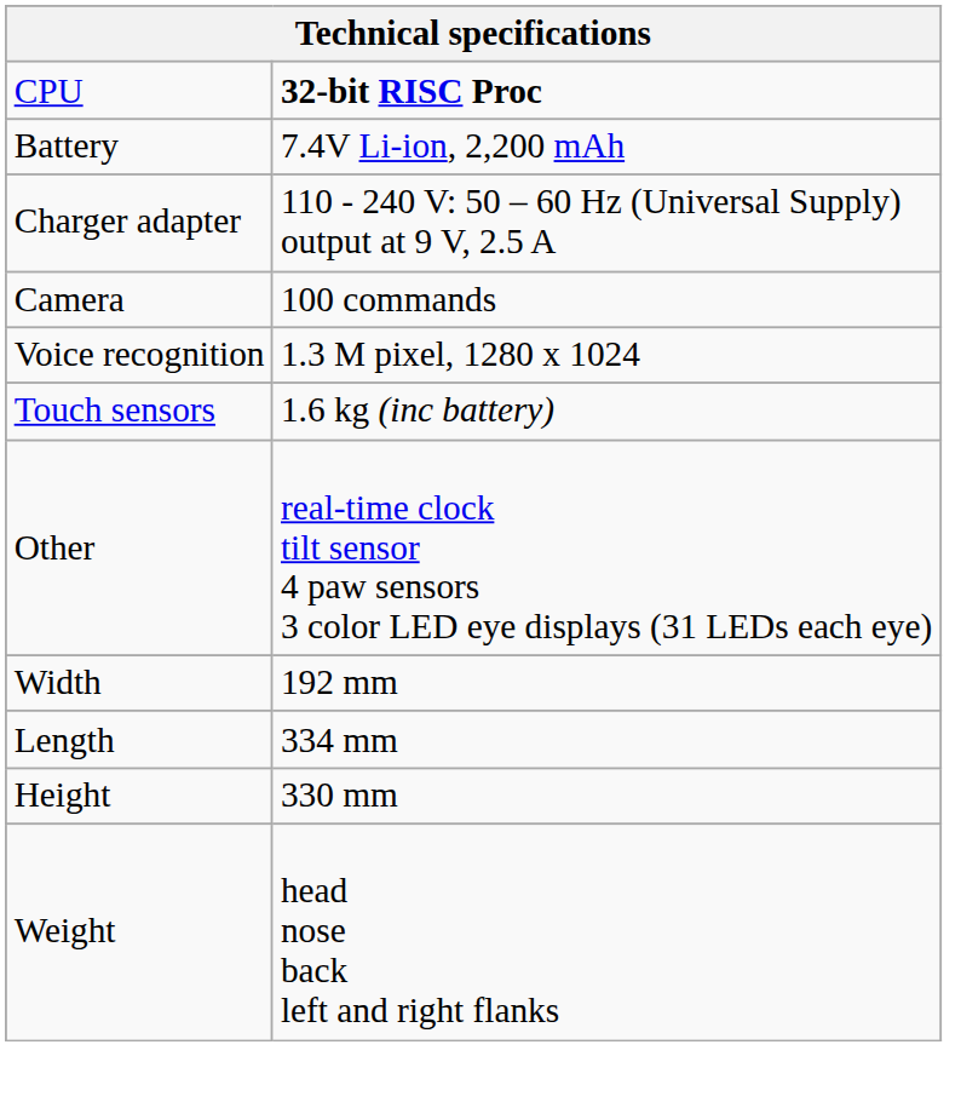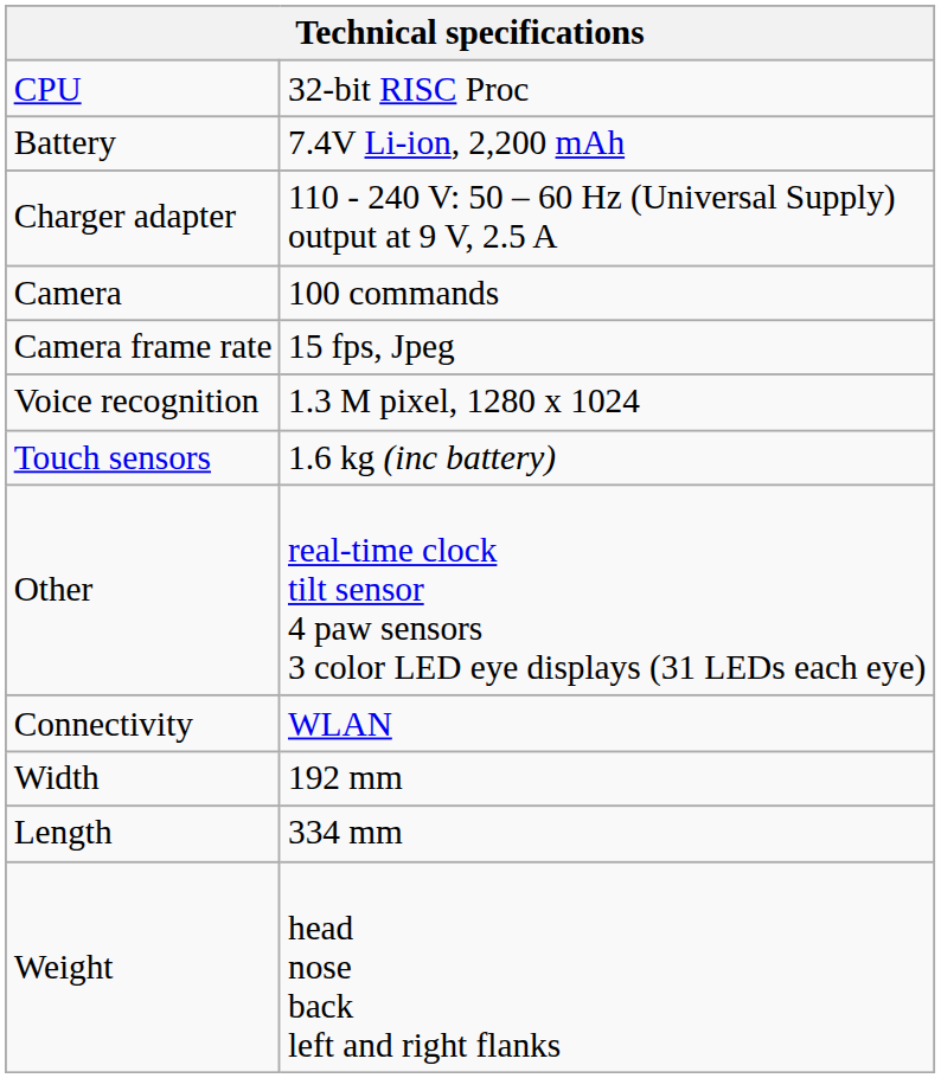 <table class="wikitable">
 <tr>
 <th colspan=2>Technical specifications</th>
 </tr>
 <tr>
 <td><a href='#'>CPU</a></td>
-<td><strong>32-bit <a href='#'>RISC</a> Proc</strong></td>
+<td>32-bit <a href='#'>RISC</a> Proc</td>
 </tr>
 <tr>
 <td>Battery</td>
 <td>7.4V <a href='#'>Li-ion</a>, 2,200 <a href='#'>mAh</a></td>
 </tr>
 <tr>
 <td>Charger adapter</td>
 <td>110 - 240 V: 50 – 60 Hz (Universal Supply)<br>output at 9 V, 2.5 A</td>
 </tr>
 <tr>
 <td>Camera</td>
 <td>100 commands</td>
 </tr>
 <tr>
+<td>Camera frame rate</td>
+<td>15 fps, Jpeg</td>
+</tr>
+<tr>
 <td>Voice recognition</td>
 <td>1.3 M pixel, 1280 x 1024</td>
 </tr>
 <tr>
 <td><a href='#'>Touch sensors</a></td>
 <td>1.6 kg <em>(inc battery)</em></td>
 </tr>
 <tr>
 <td>Other</td>
 <td><br><a href='#'>real-time clock</a> <br> <a href='#'>tilt sensor</a> <br> 4 paw sensors <br> 3 color LED eye displays (31 LEDs each eye)</td>
 </tr>
 <tr>
+<td>Connectivity</td>
+<td><a href='#'>WLAN</a></td>
+</tr>
+<tr>
 <td>Width</td>
 <td>192 mm</td>
 </tr>
 <tr>
 <td>Length</td>
 <td>334 mm</td>
 </tr>
 <tr>
-<td>Height</td>
-<td>330 mm</td>
-</tr>
-<tr>
 <td>Weight</td>
 <td><br>head <br> nose <br> back <br> left and right flanks</td>
 </tr>
 </table>
